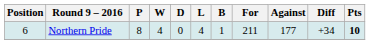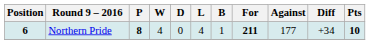 <table class="wikitable" style="text-align:center; font-size:85%;">
 <tr>
 <th width=40 abbr="Position">Position</th>
 <th width=100>Round 9 – 2016</th>
 <th width=20 abbr="Played">P</th>
 <th width=20 abbr="Won">W</th>
 <th width=20 abbr="Drawn">D</th>
 <th width=20 abbr="Lost">L</th>
 <th width=20 abbr="Bye">B</th>
 <th width=40 abbr="Points for">For</th>
 <th width=40 abbr="Points against">Against</th>
 <th width=40 abbr="Points difference">Diff</th>
 <th width=20 abbr="Points">Pts</th>
 </tr>
 <tr style="background: #d7ebed;">
-<td>6</td>
+<td><strong>6</strong></td>
 <td style="text-align:left;"> <a href='#'>Northern Pride</a></td>
-<td>8</td>
+<td><strong>8</strong></td>
 <td>4</td>
 <td>0</td>
 <td>4</td>
 <td>1</td>
-<td>211</td>
+<td><strong>211</strong></td>
 <td>177</td>
 <td>+34</td>
 <td><strong>10</strong></td>
 </tr>
 <tr>
 </tr>
 </table>
